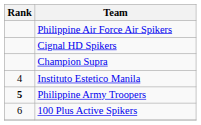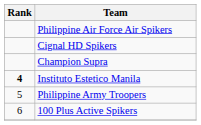 <table class="wikitable" style="text-align: center;">
 <tr>
 <th width=40>Rank</th>
 <th width=240>Team</th>
 </tr>
 <tr>
 <td></td>
 <td align="left"> <a href='#'>Philippine Air Force Air Spikers</a></td>
 </tr>
 <tr>
 <td></td>
 <td align="left"> <a href='#'>Cignal HD Spikers</a></td>
 </tr>
 <tr>
 <td></td>
 <td align="left"> <a href='#'>Champion Supra</a></td>
 </tr>
 <tr>
-<td>4</td>
+<td><strong>4</strong></td>
 <td align="left"> <a href='#'>Instituto Estetico Manila</a></td>
 </tr>
 <tr>
-<td><strong>5</strong></td>
+<td>5</td>
 <td align="left"> <a href='#'>Philippine Army Troopers</a></td>
 </tr>
 <tr>
 <td>6</td>
 <td align="left"> <a href='#'>100 Plus Active Spikers</a></td>
 </tr>
 <tr>
 </tr>
 </table>
